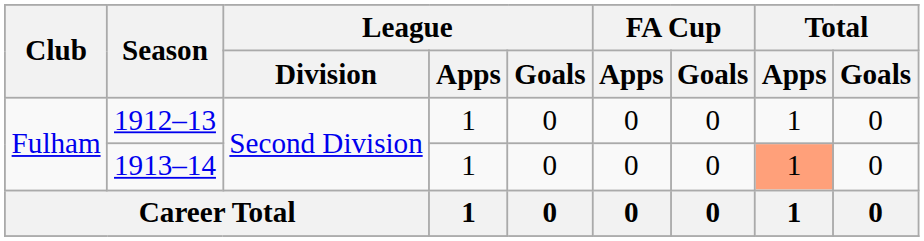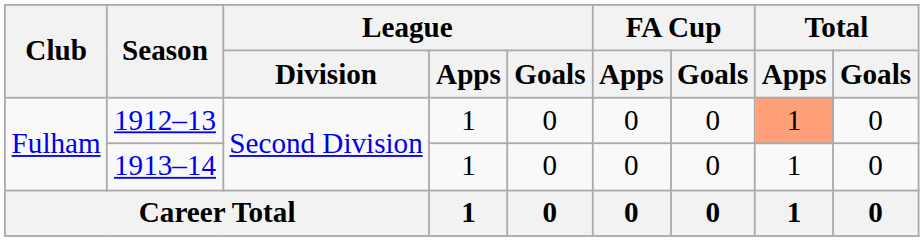 <table class="wikitable" style="text-align: center;">
 <tr>
 <th rowspan="2">Club</th>
 <th rowspan="2">Season</th>
 <th colspan="3">League</th>
 <th colspan="2">FA Cup</th>
 <th colspan="2">Total</th>
 </tr>
 <tr>
 <th>Division</th>
 <th>Apps</th>
 <th>Goals</th>
 <th>Apps</th>
 <th>Goals</th>
 <th>Apps</th>
 <th>Goals</th>
 </tr>
 <tr>
 <td rowspan="2"><a href='#'>Fulham</a></td>
 <td><a href='#'>1912–13</a></td>
 <td rowspan="2"><a href='#'>Second Division</a></td>
 <td>1</td>
 <td>0</td>
 <td>0</td>
 <td>0</td>
-<td>1</td>
+<td style="background: lightsalmon;">1</td>
 <td>0</td>
 </tr>
 <tr>
 <td><a href='#'>1913–14</a></td>
 <td>1</td>
 <td>0</td>
 <td>0</td>
 <td>0</td>
-<td style="background: lightsalmon;">1</td>
+<td>1</td>
 <td>0</td>
 </tr>
 <tr>
 <th colspan="3">Career Total</th>
 <th>1</th>
 <th>0</th>
 <th>0</th>
 <th>0</th>
 <th>1</th>
 <th>0</th>
 </tr>
 </table>
